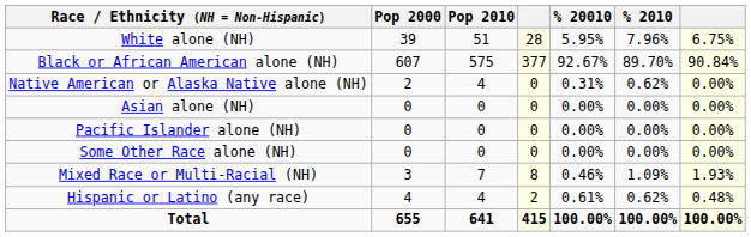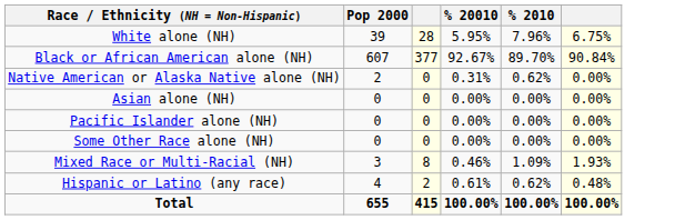 <table class="wikitable" style="text-align:center;">
 <tr>
 <th>Race / Ethnicity <small>(<em>NH = Non-Hispanic</em>)</small></th>
 <th>Pop 2000</th>
-<th>Pop 2010</th>
 <th></th>
 <th>% 20010</th>
 <th>% 2010</th>
 <th></th>
 </tr>
 <tr>
 <td><a href='#'>White</a> alone (NH)</td>
 <td>39</td>
-<td>51</td>
 <td style='background: #ffffe6;'>28</td>
 <td>5.95%</td>
 <td>7.96%</td>
 <td style='background: #ffffe6;'>6.75%</td>
 </tr>
 <tr>
 <td><a href='#'>Black or African American</a> alone (NH)</td>
 <td>607</td>
-<td>575</td>
 <td style='background: #ffffe6;'>377</td>
 <td>92.67%</td>
 <td>89.70%</td>
 <td style='background: #ffffe6;'>90.84%</td>
 </tr>
 <tr>
 <td><a href='#'>Native American</a> or <a href='#'>Alaska Native</a> alone (NH)</td>
 <td>2</td>
-<td>4</td>
 <td style='background: #ffffe6;'>0</td>
 <td>0.31%</td>
 <td>0.62%</td>
 <td style='background: #ffffe6;'>0.00%</td>
 </tr>
 <tr>
 <td><a href='#'>Asian</a> alone (NH)</td>
-<td>0</td>
 <td>0</td>
 <td style='background: #ffffe6;'>0</td>
 <td>0.00%</td>
 <td>0.00%</td>
 <td style='background: #ffffe6;'>0.00%</td>
 </tr>
 <tr>
 <td><a href='#'>Pacific Islander</a> alone (NH)</td>
 <td>0</td>
-<td>0</td>
 <td style='background: #ffffe6;'>0</td>
 <td>0.00%</td>
 <td>0.00%</td>
 <td style='background: #ffffe6;'>0.00%</td>
 </tr>
 <tr>
 <td><a href='#'>Some Other Race</a> alone (NH)</td>
-<td>0</td>
 <td>0</td>
 <td style='background: #ffffe6;'>0</td>
 <td>0.00%</td>
 <td>0.00%</td>
 <td style='background: #ffffe6;'>0.00%</td>
 </tr>
 <tr>
 <td><a href='#'>Mixed Race or Multi-Racial</a> (NH)</td>
 <td>3</td>
-<td>7</td>
 <td style='background: #ffffe6;'>8</td>
 <td>0.46%</td>
 <td>1.09%</td>
 <td style='background: #ffffe6;'>1.93%</td>
 </tr>
 <tr>
 <td><a href='#'>Hispanic or Latino</a> (any race)</td>
-<td>4</td>
 <td>4</td>
 <td style='background: #ffffe6;'>2</td>
 <td>0.61%</td>
 <td>0.62%</td>
 <td style='background: #ffffe6;'>0.48%</td>
 </tr>
 <tr>
 <td><strong>Total</strong></td>
 <td><strong>655</strong></td>
-<td><strong>641</strong></td>
 <td style='background: #ffffe6;'><strong>415</strong></td>
 <td><strong>100.00%</strong></td>
 <td><strong>100.00%</strong></td>
 <td style='background: #ffffe6;'><strong>100.00%</strong></td>
 </tr>
 </table>
